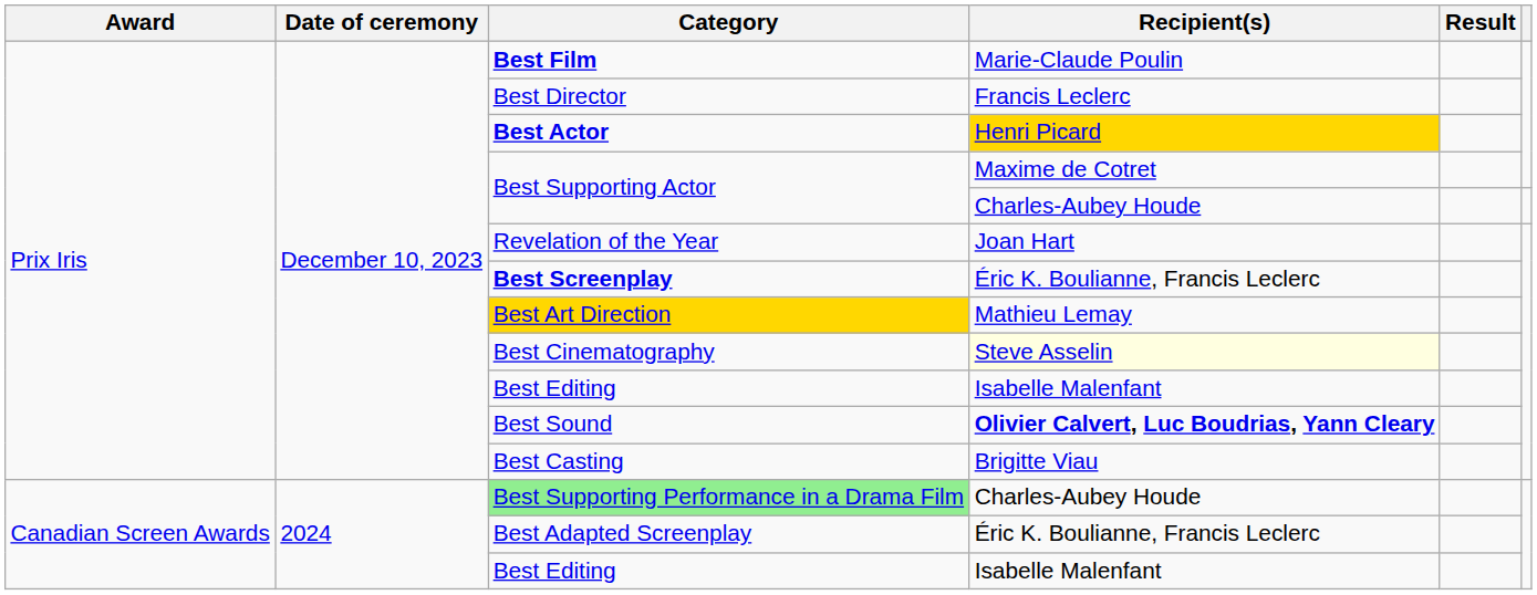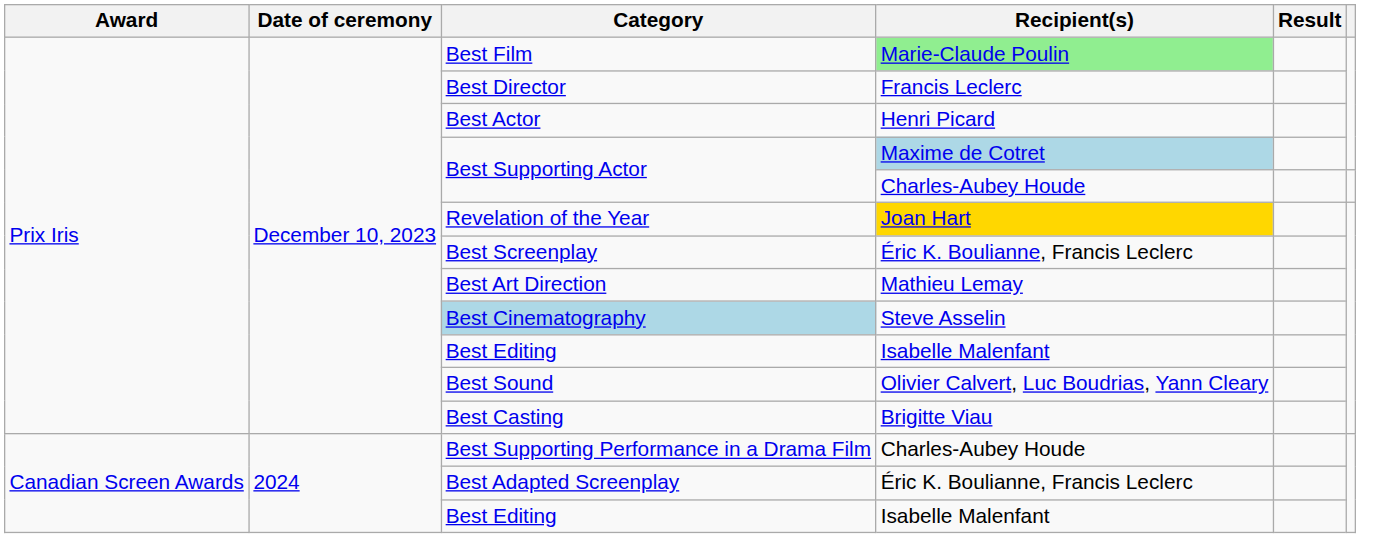 <table class="wikitable plainrowheaders sortable">
 <tr>
 <th scope="col">Award</th>
 <th scope="col">Date of ceremony</th>
 <th scope="col">Category</th>
 <th scope="col">Recipient(s)</th>
 <th scope="col">Result</th>
 <th scope="col" class="unsortable"></th>
 </tr>
 <tr>
 <td rowspan=12><a href='#'>Prix Iris</a></td>
 <td rowspan=12><a href='#'>December 10, 2023</a></td>
-<td><strong><a href='#'>Best Film</a></strong></td>
-<td><a href='#'>Marie-Claude Poulin</a></td>
+<td><a href='#'>Best Film</a></td>
+<td style="background: lightgreen;"><a href='#'>Marie-Claude Poulin</a></td>
 <td></td>
 <td rowspan=4></td>
 </tr>
 <tr>
 <td><a href='#'>Best Director</a></td>
 <td><a href='#'>Francis Leclerc</a></td>
 <td></td>
 </tr>
 <tr>
-<td><strong><a href='#'>Best Actor</a></strong></td>
-<td style="background: gold;"><a href='#'>Henri Picard</a></td>
+<td><a href='#'>Best Actor</a></td>
+<td><a href='#'>Henri Picard</a></td>
 <td></td>
 </tr>
 <tr>
 <td rowspan=2><a href='#'>Best Supporting Actor</a></td>
-<td><a href='#'>Maxime de Cotret</a></td>
+<td style="background: lightblue;"><a href='#'>Maxime de Cotret</a></td>
 <td></td>
 </tr>
 <tr>
 <td><a href='#'>Charles-Aubey Houde</a></td>
 <td></td>
 <td></td>
 </tr>
 <tr>
 <td><a href='#'>Revelation of the Year</a></td>
-<td><a href='#'>Joan Hart</a></td>
+<td style="background: gold;"><a href='#'>Joan Hart</a></td>
 <td></td>
 <td rowspan=7></td>
 </tr>
 <tr>
-<td><strong><a href='#'>Best Screenplay</a></strong></td>
+<td><a href='#'>Best Screenplay</a></td>
 <td><a href='#'>Éric K. Boulianne</a>, Francis Leclerc</td>
 <td></td>
 </tr>
 <tr>
-<td style="background: gold;"><a href='#'>Best Art Direction</a></td>
+<td><a href='#'>Best Art Direction</a></td>
 <td><a href='#'>Mathieu Lemay</a></td>
 <td></td>
 </tr>
 <tr>
-<td><a href='#'>Best Cinematography</a></td>
-<td style="background: lightyellow;"><a href='#'>Steve Asselin</a></td>
+<td style="background: lightblue;"><a href='#'>Best Cinematography</a></td>
+<td><a href='#'>Steve Asselin</a></td>
 <td></td>
 </tr>
 <tr>
 <td><a href='#'>Best Editing</a></td>
 <td><a href='#'>Isabelle Malenfant</a></td>
 <td></td>
 </tr>
 <tr>
 <td><a href='#'>Best Sound</a></td>
-<td><strong><a href='#'>Olivier Calvert</a>, <a href='#'>Luc Boudrias</a>, <a href='#'>Yann Cleary</a></strong></td>
+<td><a href='#'>Olivier Calvert</a>, <a href='#'>Luc Boudrias</a>, <a href='#'>Yann Cleary</a></td>
 <td></td>
 </tr>
 <tr>
 <td><a href='#'>Best Casting</a></td>
 <td><a href='#'>Brigitte Viau</a></td>
 <td></td>
 </tr>
 <tr>
 <td rowspan=3><a href='#'>Canadian Screen Awards</a></td>
 <td rowspan=3><a href='#'>2024</a></td>
-<td style="background: lightgreen;"><a href='#'>Best Supporting Performance in a Drama Film</a></td>
+<td><a href='#'>Best Supporting Performance in a Drama Film</a></td>
 <td>Charles-Aubey Houde</td>
 <td></td>
 <td rowspan=3></td>
 </tr>
 <tr>
 <td><a href='#'>Best Adapted Screenplay</a></td>
 <td>Éric K. Boulianne, Francis Leclerc</td>
 <td></td>
 </tr>
 <tr>
 <td><a href='#'>Best Editing</a></td>
 <td>Isabelle Malenfant</td>
 <td></td>
 </tr>
 </table>
